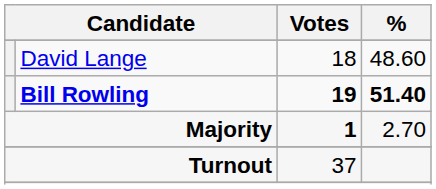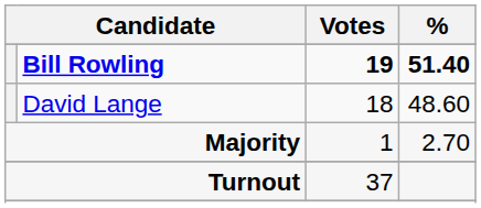 <table class="wikitable" style="font-size: 95%;">
 <tr style="background-color:#E9E9E9">
 <th colspan="2" style="width: 170px">Candidate</th>
 <th style="width: 50px">Votes</th>
 <th style="width: 40px">%</th>
 </tr>
 <tr>
 </tr>
 <tr>
 <th style="background-color: "></th>
+<td style="width: 170px"><strong><a href='#'>Bill Rowling</a></strong></td>
+<td align="right"><strong>19</strong></td>
+<td align="right"><strong>51.40</strong></td>
+</tr>
+<tr>
+<th style="background-color: "></th>
 <td style="width: 170px"><a href='#'>David Lange</a></td>
 <td align="right">18</td>
 <td align="right">48.60</td>
 </tr>
-<tr>
-<th style="background-color: "></th>
-<td style="width: 170px"><strong><a href='#'>Bill Rowling</a></strong></td>
-<td align="right"><strong>19</strong></td>
-<td align="right"><strong>51.40</strong></td>
-</tr>
 <tr style="background-color:#F6F6F6">
 <td colspan="2" align="right"><strong>Majority</strong></td>
-<td align="right"><strong>1</strong></td>
+<td align="right">1</td>
 <td align="right">2.70</td>
 </tr>
 <tr>
 </tr>
 <tr style="background-color:#F6F6F6">
 <td colspan="2" align="right"><strong>Turnout</strong></td>
 <td align="right">37</td>
 <td></td>
 </tr>
 <tr>
 </tr>
 <tr style="background-color:#F6F6F6">
 </tr>
 </table>
